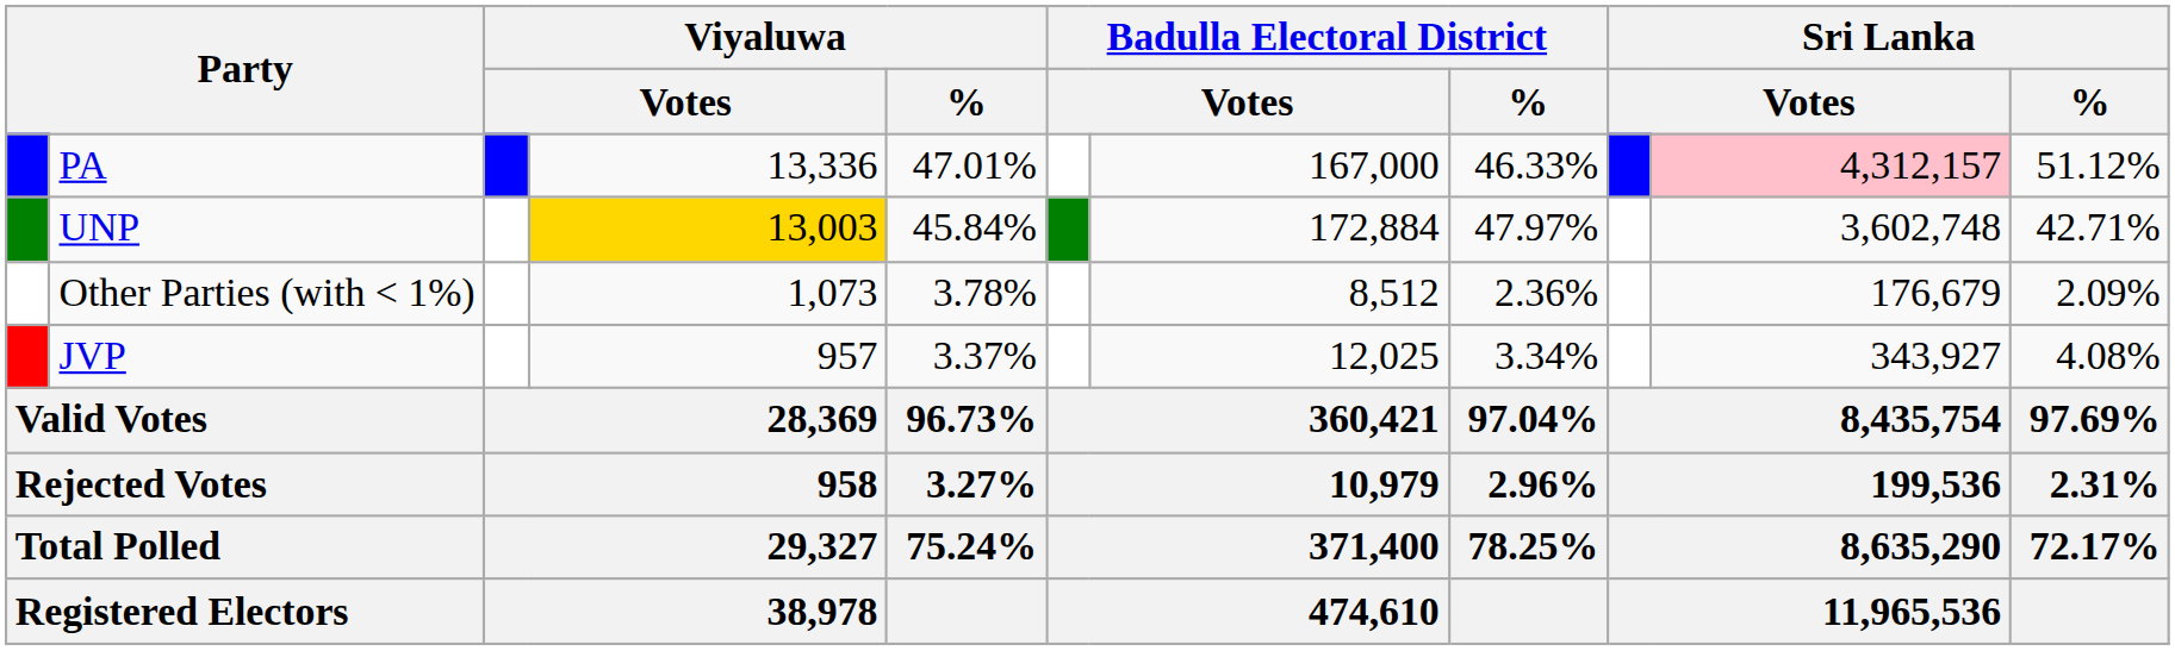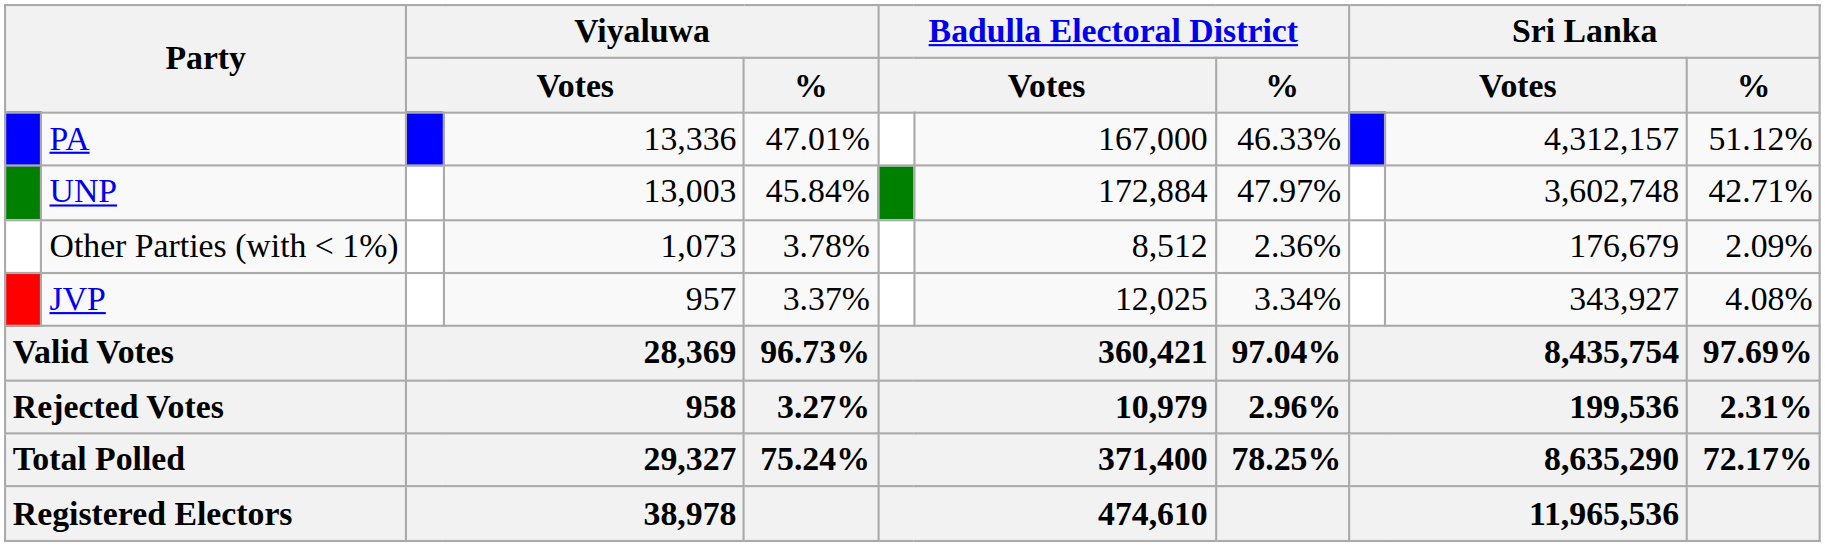 <table class="wikitable">
 <tr>
 <th colspan="2" width="144px"rowspan="2">Party</th>
 <th colspan="3" width="216px">Viyaluwa</th>
 <th colspan="3" width="216px"><a href='#'>Badulla Electoral District</a></th>
 <th colspan="3" width="216px">Sri Lanka</th>
 </tr>
 <tr>
 <th colspan="2" width="144px">Votes</th>
 <th>%</th>
 <th colspan="2" width="144px">Votes</th>
 <th>%</th>
 <th colspan="2" width="144px">Votes</th>
 <th>%</th>
 </tr>
 <tr>
 <td style="background-color:blue;" width="10px"></td>
 <td style="text-align:left;"><a href='#'>PA</a></td>
 <td style="background-color:blue;" width="10px"></td>
 <td style="text-align:right;">13,336</td>
 <td style="text-align:right;">47.01%</td>
 <td style="background-color:white;" width="10px"></td>
 <td style="text-align:right;">167,000</td>
 <td style="text-align:right;">46.33%</td>
 <td style="background-color:blue;" width="10px"></td>
-<td style="background: pink; text-align:right;">4,312,157</td>
+<td style="text-align:right;">4,312,157</td>
 <td style="text-align:right;">51.12%</td>
 </tr>
 <tr>
 <td style="background-color:green;" width="10px"></td>
 <td style="text-align:left;"><a href='#'>UNP</a></td>
 <td style="background-color:white;" width="10px"></td>
-<td style="background: gold; text-align:right;">13,003</td>
+<td style="text-align:right;">13,003</td>
 <td style="text-align:right;">45.84%</td>
 <td style="background-color:green;" width="10px"></td>
 <td style="text-align:right;">172,884</td>
 <td style="text-align:right;">47.97%</td>
 <td style="background-color:white;" width="10px"></td>
 <td style="text-align:right;">3,602,748</td>
 <td style="text-align:right;">42.71%</td>
 </tr>
 <tr>
 <td style="background-color:white;" width="10px"></td>
 <td style="text-align:left;">Other Parties (with < 1%)</td>
 <td style="background-color:white;" width="10px"></td>
 <td style="text-align:right;">1,073</td>
 <td style="text-align:right;">3.78%</td>
 <td style="background-color:white;" width="10px"></td>
 <td style="text-align:right;">8,512</td>
 <td style="text-align:right;">2.36%</td>
 <td style="background-color:white;" width="10px"></td>
 <td style="text-align:right;">176,679</td>
 <td style="text-align:right;">2.09%</td>
 </tr>
 <tr>
 <td style="background-color:red;" width="10px"></td>
 <td style="text-align:left;"><a href='#'>JVP</a></td>
 <td style="background-color:white;" width="10px"></td>
 <td style="text-align:right;">957</td>
 <td style="text-align:right;">3.37%</td>
 <td style="background-color:white;" width="10px"></td>
 <td style="text-align:right;">12,025</td>
 <td style="text-align:right;">3.34%</td>
 <td style="background-color:white;" width="10px"></td>
 <td style="text-align:right;">343,927</td>
 <td style="text-align:right;">4.08%</td>
 </tr>
 <tr>
 <th colspan="2" width="144px"style="text-align:left;">Valid Votes</th>
 <th style="text-align:right;"colspan="2" width="144px">28,369</th>
 <th style="text-align:right;">96.73%</th>
 <th style="text-align:right;"colspan="2" width="144px">360,421</th>
 <th style="text-align:right;">97.04%</th>
 <th style="text-align:right;"colspan="2" width="144px">8,435,754</th>
 <th style="text-align:right;">97.69%</th>
 </tr>
 <tr>
 <th colspan="2" width="144px"style="text-align:left;">Rejected Votes</th>
 <th style="text-align:right;"colspan="2" width="144px">958</th>
 <th style="text-align:right;">3.27%</th>
 <th style="text-align:right;"colspan="2" width="144px">10,979</th>
 <th style="text-align:right;">2.96%</th>
 <th style="text-align:right;"colspan="2" width="144px">199,536</th>
 <th style="text-align:right;">2.31%</th>
 </tr>
 <tr>
 <th colspan="2" width="144px"style="text-align:left;">Total Polled</th>
 <th style="text-align:right;"colspan="2" width="144px">29,327</th>
 <th style="text-align:right;">75.24%</th>
 <th style="text-align:right;"colspan="2" width="144px">371,400</th>
 <th style="text-align:right;">78.25%</th>
 <th style="text-align:right;"colspan="2" width="144px">8,635,290</th>
 <th style="text-align:right;">72.17%</th>
 </tr>
 <tr>
 <th colspan="2" width="144px"style="text-align:left;">Registered Electors</th>
 <th style="text-align:right;"colspan="2" width="144px">38,978</th>
 <th></th>
 <th style="text-align:right;"colspan="2" width="144px">474,610</th>
 <th></th>
 <th style="text-align:right;"colspan="2" width="144px">11,965,536</th>
 <th></th>
 </tr>
 </table>
